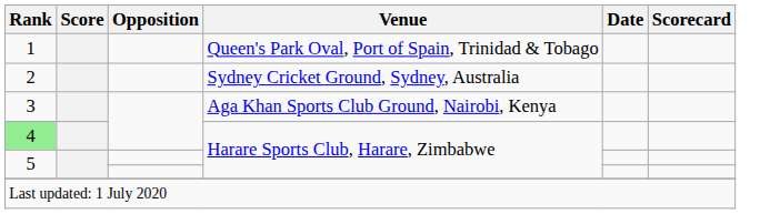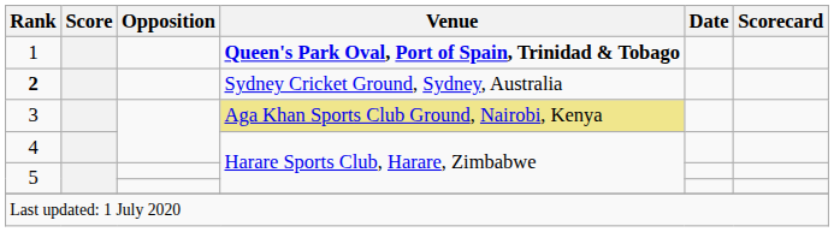 <table class="wikitable plainrowheaders sortable">
 <tr>
 <th scope=col>Rank</th>
 <th scope=col>Score</th>
 <th scope=col>Opposition</th>
 <th scope=col>Venue</th>
 <th scope=col>Date</th>
 <th scope=col>Scorecard</th>
 </tr>
 <tr>
 <td style="text-align:center">1</td>
 <th scope=row style=text-align:center;></th>
 <td></td>
-<td><a href='#'>Queen's Park Oval</a>, <a href='#'>Port of Spain</a>, Trinidad & Tobago</td>
+<td><strong><a href='#'>Queen's Park Oval</a>, <a href='#'>Port of Spain</a>, Trinidad & Tobago</strong></td>
 <td></td>
 <td></td>
 </tr>
 <tr>
-<td style="text-align:center">2</td>
+<td style="text-align:center"><strong>2</strong></td>
 <th scope=row style=text-align:center;></th>
 <td></td>
 <td><a href='#'>Sydney Cricket Ground</a>, <a href='#'>Sydney</a>, Australia</td>
 <td></td>
 <td></td>
 </tr>
 <tr>
 <td style="text-align:center">3</td>
 <th scope=row style=text-align:center;></th>
 <td rowspan=2></td>
-<td><a href='#'>Aga Khan Sports Club Ground</a>, <a href='#'>Nairobi</a>, Kenya</td>
+<td style="background: khaki;"><a href='#'>Aga Khan Sports Club Ground</a>, <a href='#'>Nairobi</a>, Kenya</td>
 <td></td>
 <td></td>
 </tr>
 <tr>
-<td style="background: lightgreen; text-align:center">4</td>
+<td style="text-align:center">4</td>
 <th scope=row style=text-align:center;></th>
 <td rowspan=3><a href='#'>Harare Sports Club</a>, <a href='#'>Harare</a>, Zimbabwe</td>
 <td></td>
 <td></td>
 </tr>
 <tr>
 <td style="text-align:center" rowspan=2>5</td>
 <th scope=row style=text-align:center; rowspan=2></th>
 <td></td>
 <td></td>
 <td></td>
 </tr>
 <tr>
 <td></td>
 <td></td>
 <td></td>
 </tr>
 <tr>
 </tr>
 <tr class=sortbottom>
 <td colspan=6><small>Last updated: 1 July 2020</small></td>
 </tr>
 </table>
